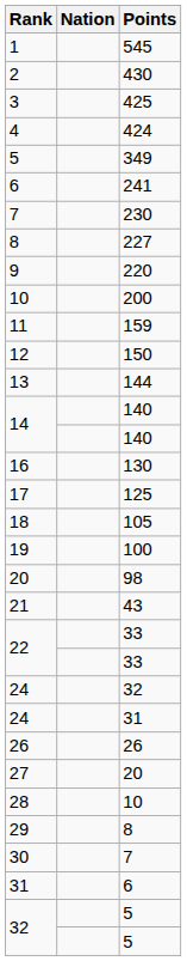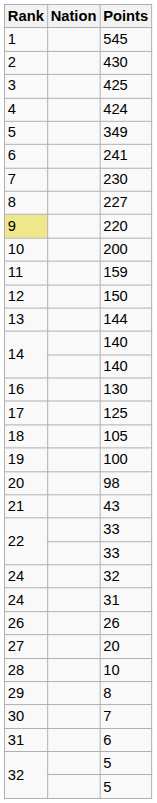 <table class="wikitable">
 <tr>
 <th>Rank</th>
 <th>Nation</th>
 <th>Points</th>
 </tr>
 <tr>
 <td>1</td>
 <td></td>
 <td>545</td>
 </tr>
 <tr>
 <td>2</td>
 <td></td>
 <td>430</td>
 </tr>
 <tr>
 <td>3</td>
 <td></td>
 <td>425</td>
 </tr>
 <tr>
 <td>4</td>
 <td></td>
 <td>424</td>
 </tr>
 <tr>
 <td>5</td>
 <td></td>
 <td>349</td>
 </tr>
 <tr>
 <td>6</td>
 <td></td>
 <td>241</td>
 </tr>
 <tr>
 <td>7</td>
 <td></td>
 <td>230</td>
 </tr>
 <tr>
 <td>8</td>
 <td></td>
 <td>227</td>
 </tr>
 <tr>
-<td>9</td>
+<td style="background: khaki;">9</td>
 <td></td>
 <td>220</td>
 </tr>
 <tr>
 <td>10</td>
 <td></td>
 <td>200</td>
 </tr>
 <tr>
 <td>11</td>
 <td></td>
 <td>159</td>
 </tr>
 <tr>
 <td>12</td>
 <td></td>
 <td>150</td>
 </tr>
 <tr>
 <td>13</td>
 <td></td>
 <td>144</td>
 </tr>
 <tr>
 <td rowspan=2>14</td>
 <td></td>
 <td>140</td>
 </tr>
 <tr>
 <td></td>
 <td>140</td>
 </tr>
 <tr>
 <td>16</td>
 <td></td>
 <td>130</td>
 </tr>
 <tr>
 <td>17</td>
 <td></td>
 <td>125</td>
 </tr>
 <tr>
 <td>18</td>
 <td></td>
 <td>105</td>
 </tr>
 <tr>
 <td>19</td>
 <td></td>
 <td>100</td>
 </tr>
 <tr>
 <td>20</td>
 <td></td>
 <td>98</td>
 </tr>
 <tr>
 <td>21</td>
 <td></td>
 <td>43</td>
 </tr>
 <tr>
 <td rowspan=2>22</td>
 <td></td>
 <td>33</td>
 </tr>
 <tr>
 <td></td>
 <td>33</td>
 </tr>
 <tr>
 <td>24</td>
 <td></td>
 <td>32</td>
 </tr>
 <tr>
 <td>24</td>
 <td></td>
 <td>31</td>
 </tr>
 <tr>
 <td>26</td>
 <td></td>
 <td>26</td>
 </tr>
 <tr>
 <td>27</td>
 <td></td>
 <td>20</td>
 </tr>
 <tr>
 <td>28</td>
 <td></td>
 <td>10</td>
 </tr>
 <tr>
 <td>29</td>
 <td></td>
 <td>8</td>
 </tr>
 <tr>
 <td>30</td>
 <td></td>
 <td>7</td>
 </tr>
 <tr>
 <td>31</td>
 <td></td>
 <td>6</td>
 </tr>
 <tr>
 <td rowspan=2>32</td>
 <td></td>
 <td>5</td>
 </tr>
 <tr>
 <td></td>
 <td>5</td>
 </tr>
 </table>
